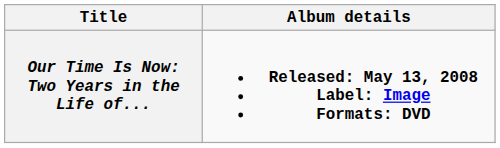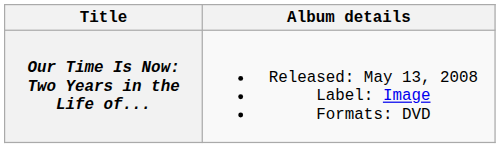 <table class="wikitable plainrowheaders" style="text-align:center;">
 <tr>
 <th scope="col" style="width:12em;">Title</th>
 <th scope="col" style="width:18em;">Album details</th>
 </tr>
 <tr>
 <th scope="row"><em>Our Time Is Now: Two Years in the Life of...</em></th>
-<td><strong><br><ul><li>Released: May 13, 2008</li><li>Label: <a href='#'>Image</a></li><li>Formats: DVD</li></ul></strong></td>
+<td><br><ul><li>Released: May 13, 2008</li><li>Label: <a href='#'>Image</a></li><li>Formats: DVD</li></ul></td>
 </tr>
 </table>
